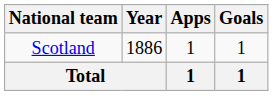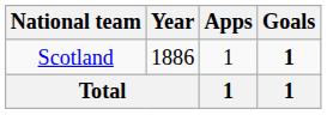 <table class=wikitable style="text-align: center">
 <tr>
 <th>National team</th>
 <th>Year</th>
 <th>Apps</th>
 <th>Goals</th>
 </tr>
 <tr>
 <td><a href='#'>Scotland</a></td>
 <td>1886</td>
 <td>1</td>
-<td>1</td>
+<td><strong>1</strong></td>
 </tr>
 <tr>
 <th colspan=2>Total</th>
 <th>1</th>
 <th>1</th>
 </tr>
 </table>
